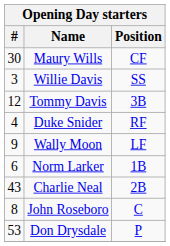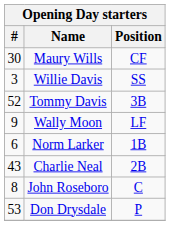 <table class="wikitable" style="text-align:center">
 <tr>
 <th colspan="3">Opening Day starters</th>
 </tr>
 <tr>
 <th>#</th>
 <th>Name</th>
 <th>Position</th>
 </tr>
 <tr>
 <td>30</td>
 <td><a href='#'>Maury Wills</a></td>
 <td><a href='#'>CF</a></td>
 </tr>
 <tr>
 <td>3</td>
 <td><a href='#'>Willie Davis</a></td>
 <td><a href='#'>SS</a></td>
 </tr>
 <tr>
-<td>12</td>
+<td>52</td>
 <td><a href='#'>Tommy Davis</a></td>
 <td><a href='#'>3B</a></td>
-</tr>
-<tr>
-<td>4</td>
-<td><a href='#'>Duke Snider</a></td>
-<td><a href='#'>RF</a></td>
 </tr>
 <tr>
 <td>9</td>
 <td><a href='#'>Wally Moon</a></td>
 <td><a href='#'>LF</a></td>
 </tr>
 <tr>
 <td>6</td>
 <td><a href='#'>Norm Larker</a></td>
 <td><a href='#'>1B</a></td>
 </tr>
 <tr>
 <td>43</td>
 <td><a href='#'>Charlie Neal</a></td>
 <td><a href='#'>2B</a></td>
 </tr>
 <tr>
 <td>8</td>
 <td><a href='#'>John Roseboro</a></td>
 <td><a href='#'>C</a></td>
 </tr>
 <tr>
 <td>53</td>
 <td><a href='#'>Don Drysdale</a></td>
 <td><a href='#'>P</a></td>
 </tr>
 <tr>
 </tr>
 </table>
